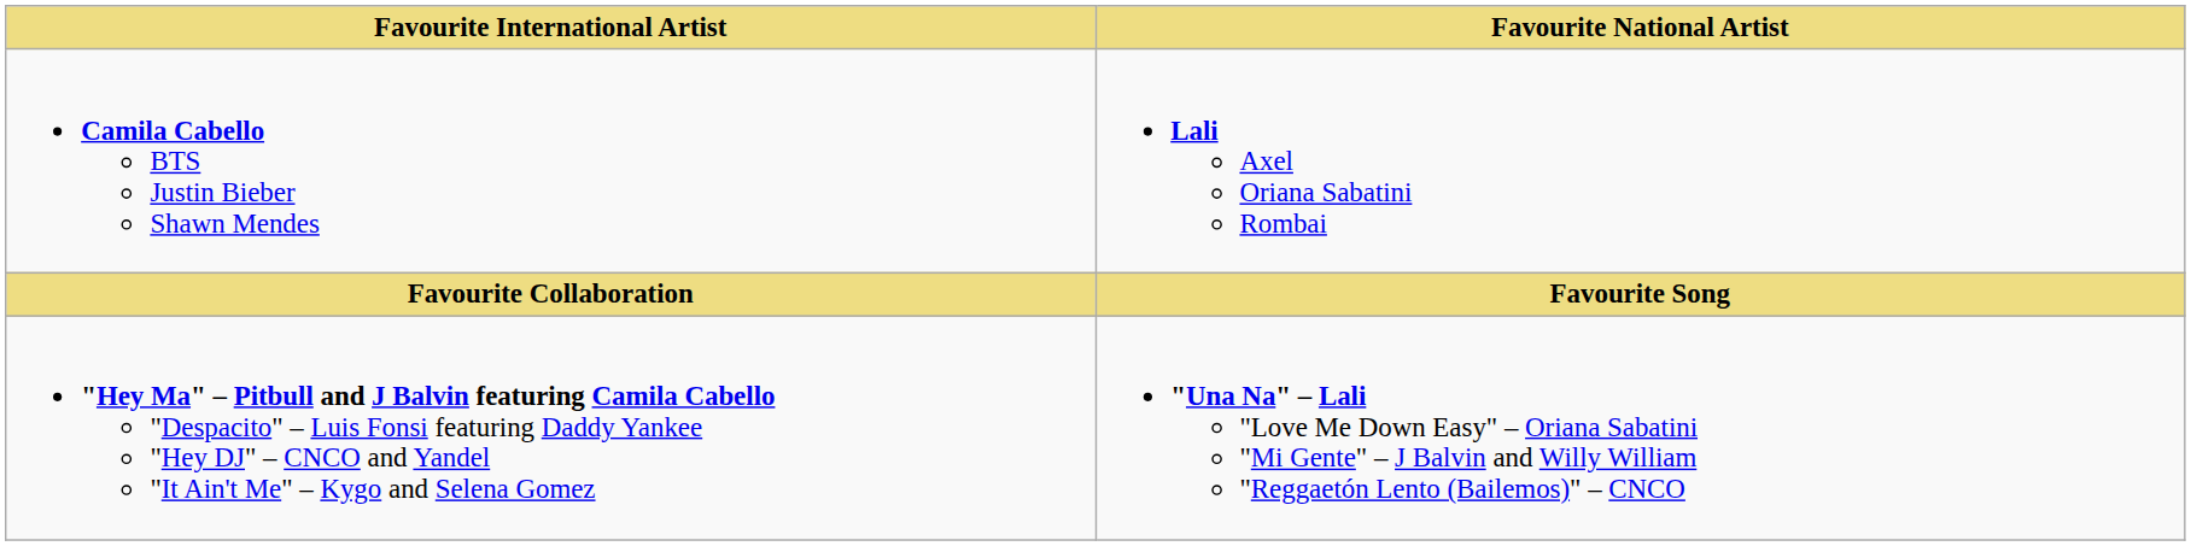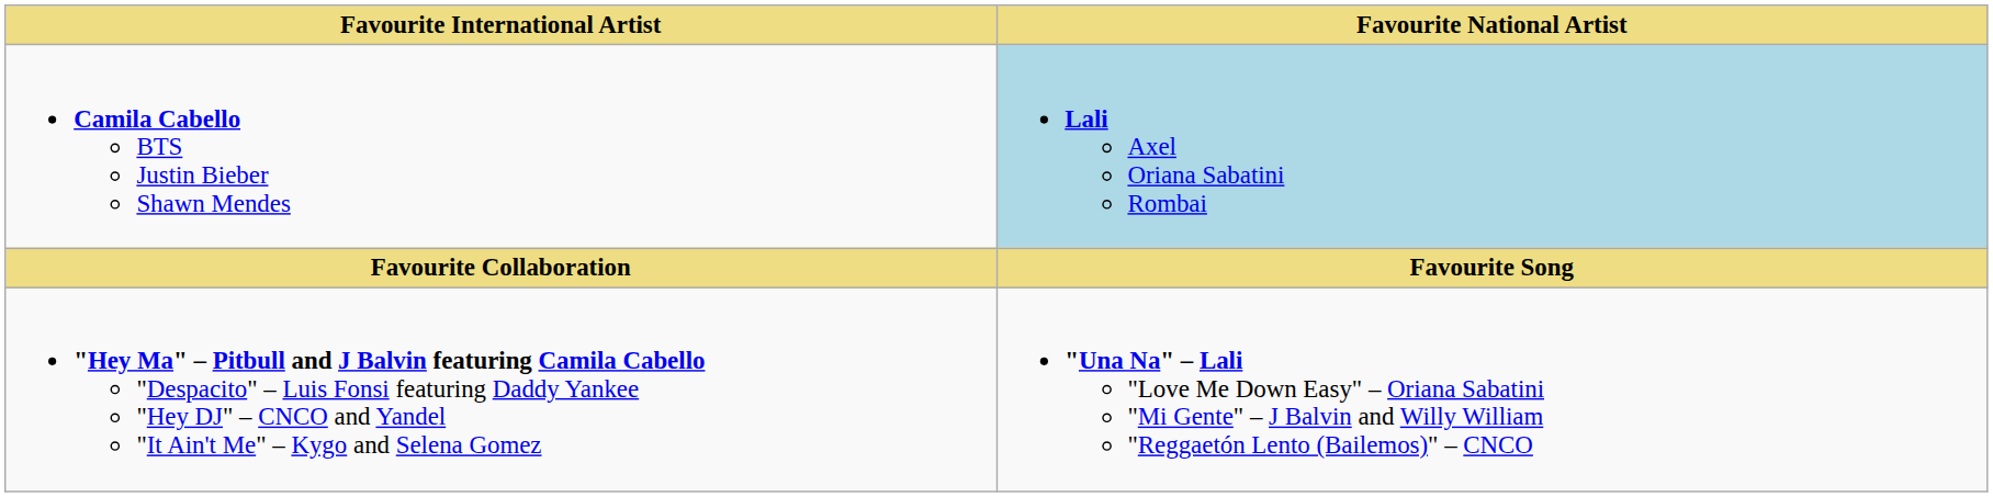 <table class="wikitable" style="width:100%;">
 <tr>
 <th style="background:#EEDD82; width:50%">Favourite International Artist</th>
 <th style="background:#EEDD82; width:50%">Favourite National Artist</th>
 </tr>
 <tr>
 <td valign="top"><br><ul><li><strong><a href='#'>Camila Cabello</a></strong><ul><li><a href='#'>BTS</a></li><li><a href='#'>Justin Bieber</a></li><li><a href='#'>Shawn Mendes</a></li></ul></li></ul></td>
-<td valign="top"><br><ul><li><strong><a href='#'>Lali</a></strong><ul><li><a href='#'>Axel</a></li><li><a href='#'>Oriana Sabatini</a></li><li><a href='#'>Rombai</a></li></ul></li></ul></td>
+<td valign="top" style="background: lightblue;"><br><ul><li><strong><a href='#'>Lali</a></strong><ul><li><a href='#'>Axel</a></li><li><a href='#'>Oriana Sabatini</a></li><li><a href='#'>Rombai</a></li></ul></li></ul></td>
 </tr>
 <tr>
 <th style="background:#EEDD82; width:50%">Favourite Collaboration</th>
 <th style="background:#EEDD82; width:50%">Favourite Song</th>
 </tr>
 <tr>
 <td valign="top"><br><ul><li><strong>"<a href='#'>Hey Ma</a>" – <a href='#'>Pitbull</a> and <a href='#'>J Balvin</a> featuring <a href='#'>Camila Cabello</a></strong><ul><li>"<a href='#'>Despacito</a>" – <a href='#'>Luis Fonsi</a> featuring <a href='#'>Daddy Yankee</a></li><li>"<a href='#'>Hey DJ</a>" – <a href='#'>CNCO</a> and <a href='#'>Yandel</a></li><li>"<a href='#'>It Ain't Me</a>" – <a href='#'>Kygo</a> and <a href='#'>Selena Gomez</a></li></ul></li></ul></td>
 <td valign="top"><br><ul><li><strong>"<a href='#'>Una Na</a>" – <a href='#'>Lali</a></strong><ul><li>"Love Me Down Easy" – <a href='#'>Oriana Sabatini</a></li><li>"<a href='#'>Mi Gente</a>" – <a href='#'>J Balvin</a> and <a href='#'>Willy William</a></li><li>"<a href='#'>Reggaetón Lento (Bailemos)</a>" – <a href='#'>CNCO</a></li></ul></li></ul></td>
 </tr>
 </table>
